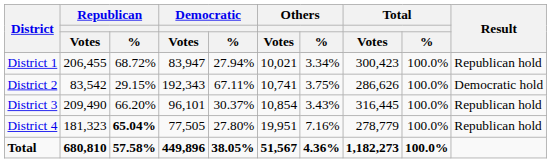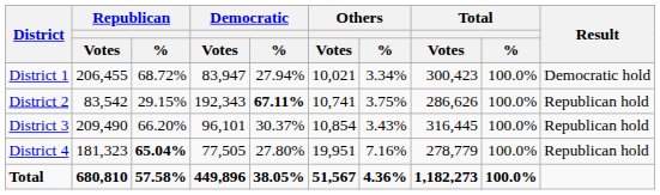 <table class="wikitable plainrowheaders sortable" style="font-size:100%; text-align:right;">
 <tr>
 <th scope=col rowspan=3><a href='#'>District</a></th>
 <th scope=col colspan=2><a href='#'>Republican</a></th>
 <th scope=col colspan=2><a href='#'>Democratic</a></th>
 <th scope=col colspan=2>Others</th>
 <th scope=col colspan=2>Total</th>
 <th scope=col rowspan=3>Result</th>
 </tr>
 <tr>
 <th scope=col colspan=2 style="background:"></th>
 <th scope=col colspan=2 style="background:"></th>
 <th scope=col colspan=2></th>
 <th scope=col colspan=2></th>
 </tr>
 <tr>
 <th scope=col data-sort-type="number">Votes</th>
 <th scope=col data-sort-type="number">%</th>
 <th scope=col data-sort-type="number">Votes</th>
 <th scope=col data-sort-type="number">%</th>
 <th scope=col data-sort-type="number">Votes</th>
 <th scope=col data-sort-type="number">%</th>
 <th scope=col data-sort-type="number">Votes</th>
 <th scope=col data-sort-type="number">%</th>
 </tr>
 <tr>
 <td align=left><a href='#'>District 1</a></td>
 <td>206,455</td>
 <td>68.72%</td>
 <td>83,947</td>
 <td>27.94%</td>
 <td>10,021</td>
 <td>3.34%</td>
 <td>300,423</td>
 <td>100.0%</td>
-<td align=left>Republican hold</td>
+<td align=left>Democratic hold</td>
 </tr>
 <tr>
 <td align=left><a href='#'>District 2</a></td>
 <td>83,542</td>
 <td>29.15%</td>
 <td>192,343</td>
-<td>67.11%</td>
+<td><strong>67.11%</strong></td>
 <td>10,741</td>
 <td>3.75%</td>
 <td>286,626</td>
 <td>100.0%</td>
-<td align=left>Democratic hold</td>
+<td align=left>Republican hold</td>
 </tr>
 <tr>
 <td align=left><a href='#'>District 3</a></td>
 <td>209,490</td>
 <td>66.20%</td>
 <td>96,101</td>
 <td>30.37%</td>
 <td>10,854</td>
 <td>3.43%</td>
 <td>316,445</td>
 <td>100.0%</td>
 <td align=left>Republican hold</td>
 </tr>
 <tr>
 <td align=left><a href='#'>District 4</a></td>
 <td>181,323</td>
 <td><strong>65.04%</strong></td>
 <td>77,505</td>
 <td>27.80%</td>
 <td>19,951</td>
 <td>7.16%</td>
 <td>278,779</td>
 <td>100.0%</td>
 <td align=left>Republican hold</td>
 </tr>
 <tr class="sortbottom" style="font-weight:bold">
 <td align=left>Total</td>
 <td>680,810</td>
 <td>57.58%</td>
 <td>449,896</td>
 <td>38.05%</td>
 <td>51,567</td>
 <td>4.36%</td>
 <td>1,182,273</td>
 <td>100.0%</td>
 <td></td>
 </tr>
 </table>
